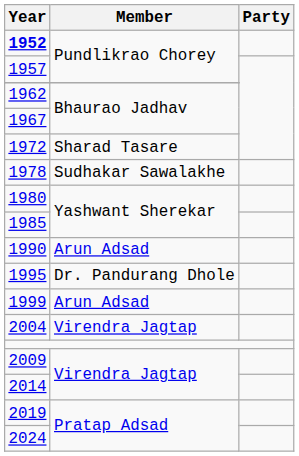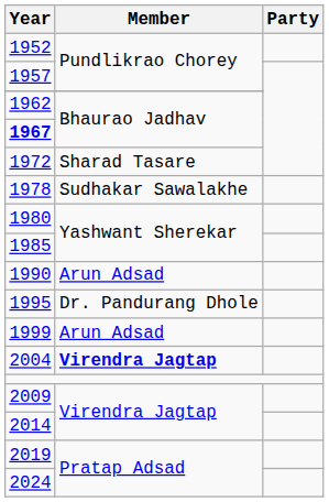 <table class="wikitable">
 <tr>
 <th>Year</th>
 <th>Member</th>
 <th colspan="2">Party</th>
 </tr>
 <tr>
-<td><strong><a href='#'>1952</a></strong></td>
+<td><a href='#'>1952</a></td>
 <td Rowspan=2>Pundlikrao Chorey</td>
 <td></td>
 </tr>
 <tr>
 <td><a href='#'>1957</a></td>
 </tr>
 <tr>
 </tr>
 <tr>
 <td><a href='#'>1962</a></td>
 <td Rowspan=2>Bhaurao Jadhav</td>
 </tr>
 <tr>
-<td><a href='#'>1967</a></td>
+<td><strong><a href='#'>1967</a></strong></td>
 </tr>
 <tr>
 <td><a href='#'>1972</a></td>
 <td>Sharad Tasare</td>
 </tr>
 <tr>
 <td><a href='#'>1978</a></td>
 <td>Sudhakar Sawalakhe</td>
 <td></td>
 </tr>
 <tr>
 <td><a href='#'>1980</a></td>
 <td Rowspan=2>Yashwant Sherekar</td>
 <td></td>
 </tr>
 <tr>
 <td><a href='#'>1985</a></td>
 </tr>
 <tr>
 <td><a href='#'>1990</a></td>
 <td rowspan="1"><a href='#'>Arun Adsad</a></td>
 <td></td>
 </tr>
 <tr>
 <td><a href='#'>1995</a></td>
 <td>Dr. Pandurang Dhole</td>
 <td></td>
 </tr>
 <tr>
 <td><a href='#'>1999</a></td>
 <td><a href='#'>Arun Adsad</a></td>
 <td></td>
 </tr>
 <tr>
 <td><a href='#'>2004</a></td>
-<td><a href='#'>Virendra Jagtap</a></td>
+<td><strong><a href='#'>Virendra Jagtap</a></strong></td>
 <td></td>
 </tr>
 <tr>
 <td colspan="4"></td>
 </tr>
 <tr>
 <td><a href='#'>2009</a></td>
 <td rowspan="2"><a href='#'>Virendra Jagtap</a></td>
 <td></td>
 </tr>
 <tr>
 <td><a href='#'>2014</a></td>
 </tr>
 <tr>
 <td><a href='#'>2019</a></td>
 <td Rowspan=2><a href='#'>Pratap Adsad</a></td>
 <td></td>
 </tr>
 <tr>
 <td><a href='#'>2024</a></td>
 </tr>
 </table>
